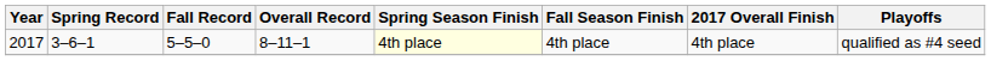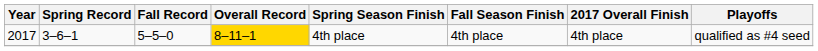 <table class="wikitable">
 <tr>
 <th>Year</th>
 <th>Spring Record</th>
 <th>Fall Record</th>
 <th>Overall Record</th>
 <th>Spring Season Finish</th>
 <th>Fall Season Finish</th>
 <th>2017 Overall Finish</th>
 <th>Playoffs</th>
 </tr>
 <tr>
 <td>2017</td>
 <td>3–6–1</td>
 <td>5–5–0</td>
-<td>8–11–1</td>
-<td style="background: lightyellow;">4th place</td>
+<td style="background: gold;">8–11–1</td>
+<td>4th place</td>
 <td>4th place</td>
 <td>4th place</td>
 <td>qualified as #4 seed</td>
 </tr>
 <tr>
 </tr>
 </table>
